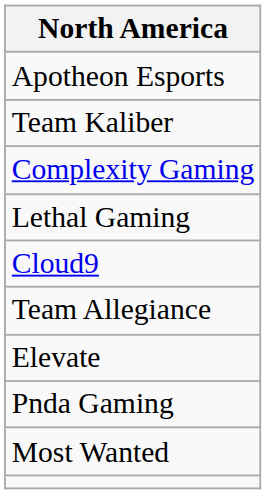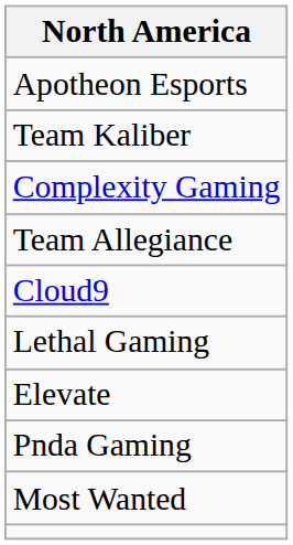 <table class="wikitable" style="display: inline-table;">
 <tr>
 <th>North America</th>
 </tr>
 <tr>
 <td>Apotheon Esports</td>
 </tr>
 <tr>
 <td>Team Kaliber</td>
 </tr>
 <tr>
 <td><a href='#'>Complexity Gaming</a></td>
 </tr>
 <tr>
-<td>Lethal Gaming</td>
+<td>Team Allegiance</td>
 </tr>
 <tr>
 <td><a href='#'>Cloud9</a></td>
 </tr>
 <tr>
-<td>Team Allegiance</td>
+<td>Lethal Gaming</td>
 </tr>
 <tr>
 <td>Elevate</td>
 </tr>
 <tr>
 <td>Pnda Gaming</td>
 </tr>
 <tr>
 <td>Most Wanted</td>
 </tr>
 <tr>
 <td></td>
 </tr>
 </table>
